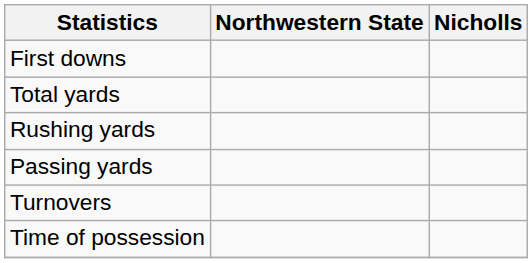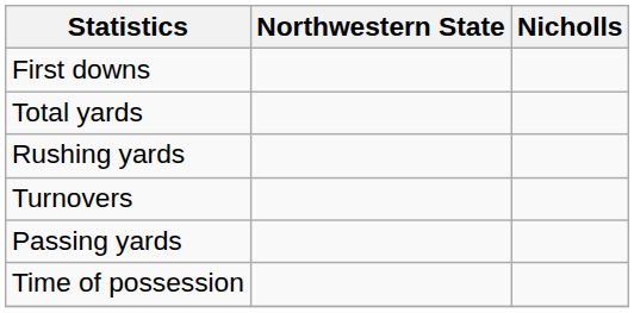 <table class="wikitable">
 <tr>
 <th>Statistics</th>
 <th>Northwestern State</th>
 <th>Nicholls</th>
 </tr>
 <tr>
 <td>First downs</td>
 <td> </td>
 <td> </td>
 </tr>
 <tr>
 <td>Total yards</td>
 <td> </td>
 <td> </td>
 </tr>
 <tr>
 <td>Rushing yards</td>
 <td> </td>
 <td> </td>
 </tr>
 <tr>
-<td>Passing yards</td>
+<td>Turnovers</td>
 <td> </td>
 <td> </td>
 </tr>
 <tr>
-<td>Turnovers</td>
+<td>Passing yards</td>
 <td> </td>
 <td> </td>
 </tr>
 <tr>
 <td>Time of possession</td>
 <td> </td>
 <td> </td>
 </tr>
 <tr>
 </tr>
 </table>
